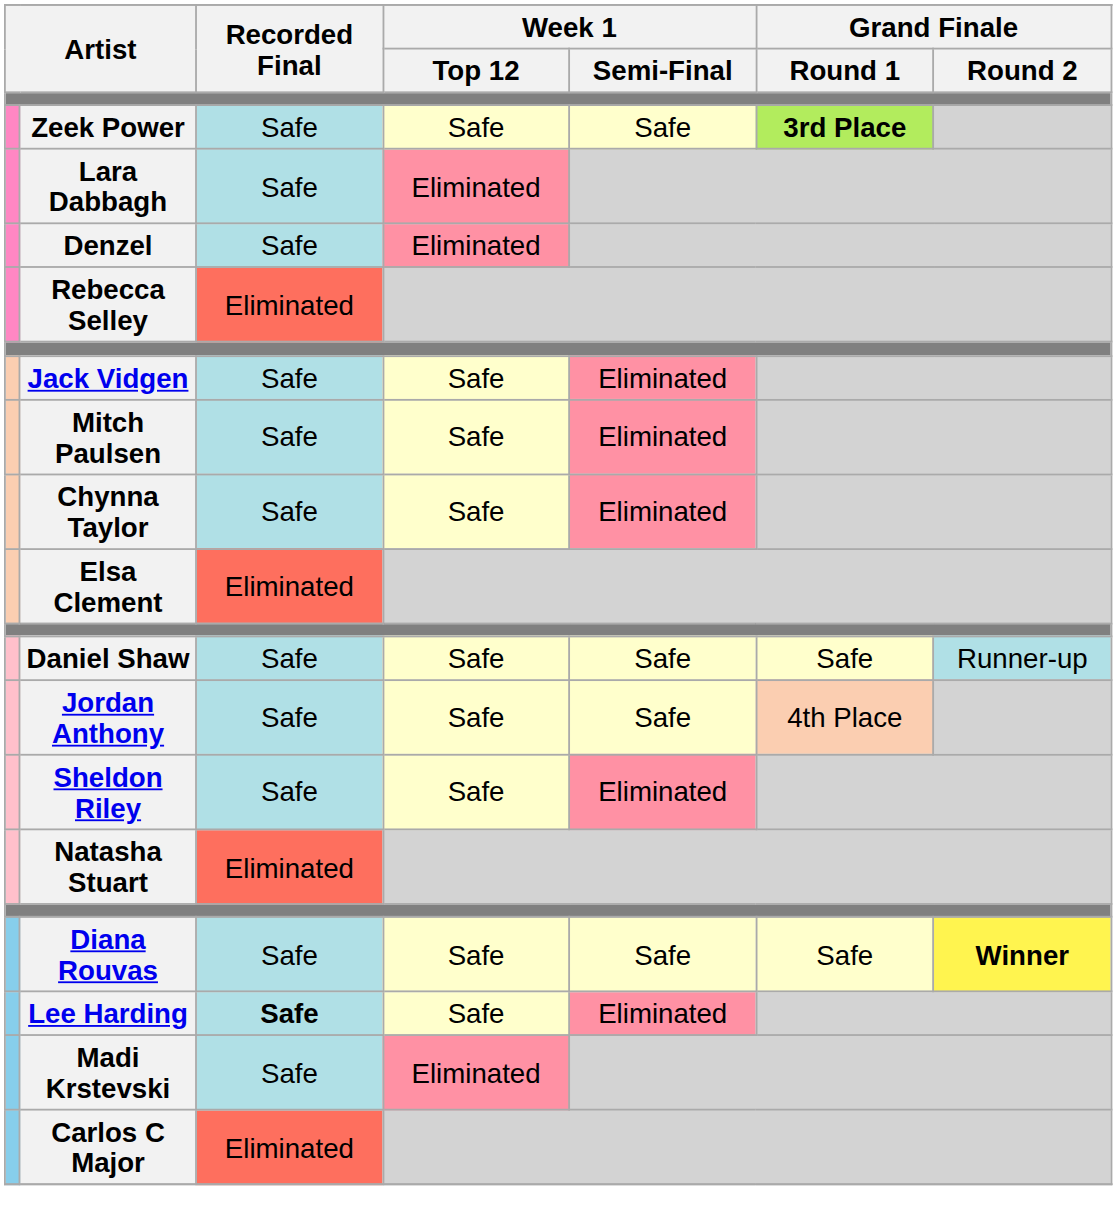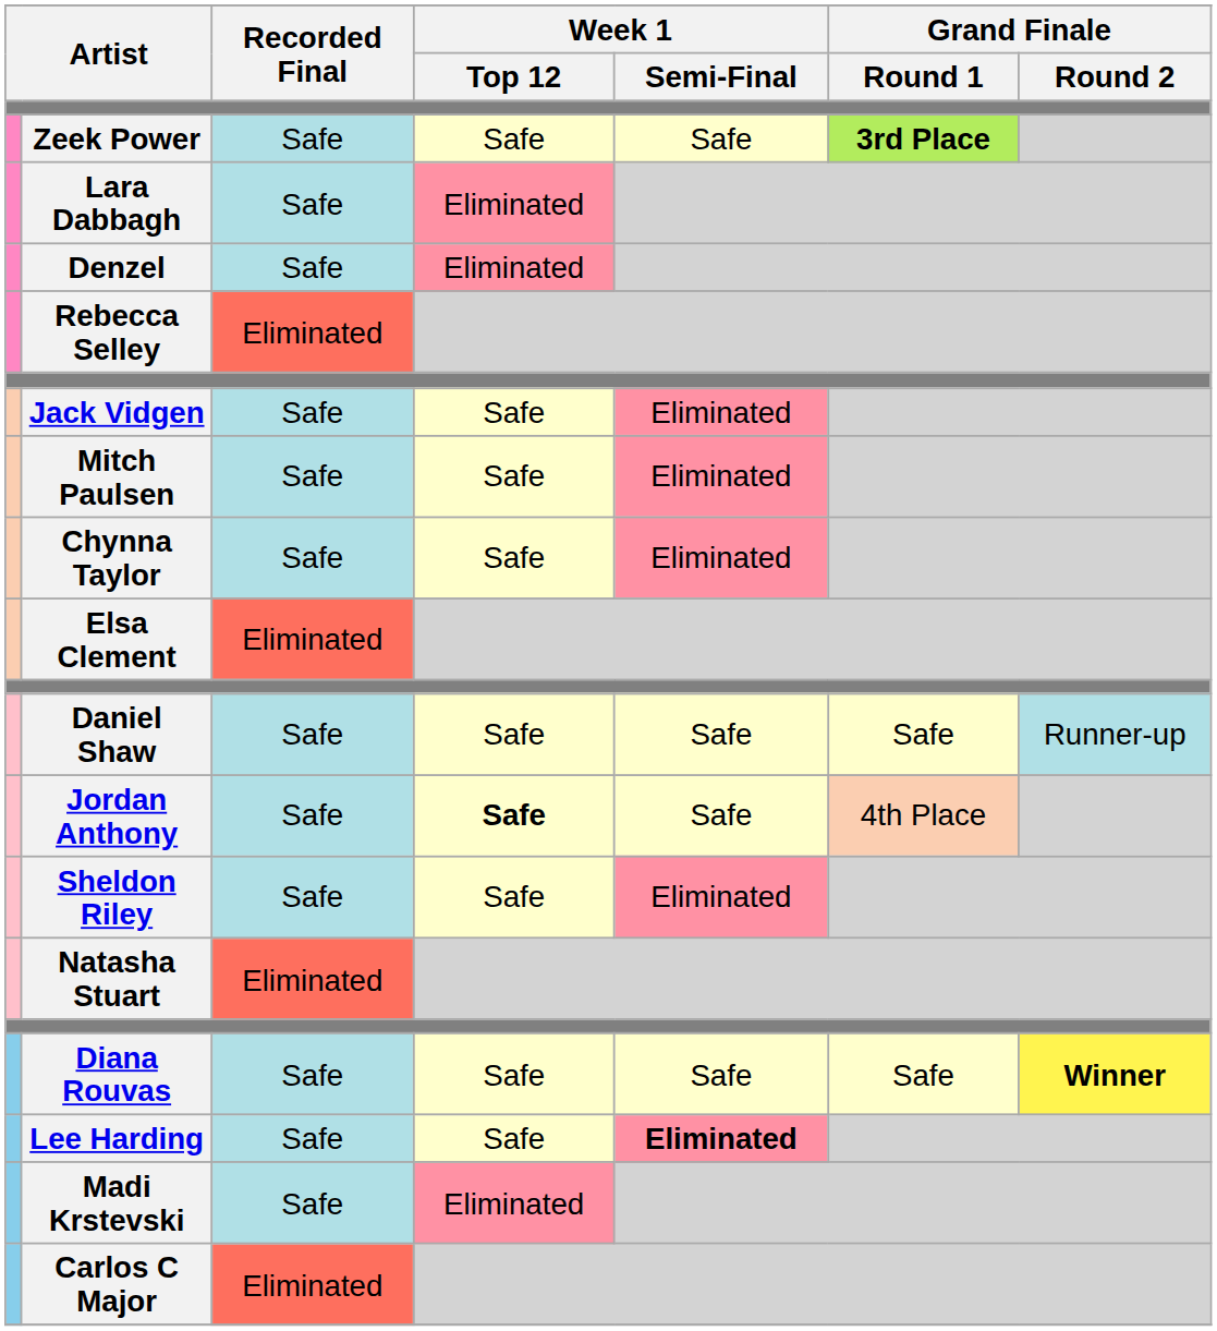 <table class="wikitable"  style="text-align:center; font-size:95%; width:auto;">
 <tr>
 </tr>
 <tr>
 <th style="width:11%;" colspan="2" rowspan="2">Artist</th>
 <th rowspan="2" style="width:12%;">Recorded Final</th>
 <th Colspan="2" style="width:12%;">Week 1</th>
 <th Colspan="2" style="width:12%;">Grand Finale</th>
 </tr>
 <tr>
 <th style="width:12%;">Top 12</th>
 <th style="width:12%;">Semi-Final</th>
 <th style="width:12%;">Round 1</th>
 <th style="width:12%;">Round 2</th>
 </tr>
 <tr>
 <th colspan="11" style="background:gray;"></th>
 </tr>
 <tr>
 <th style="background: #FF87C3"></th>
 <th>Zeek Power</th>
 <td style="background:#B0E0E6;">Safe</td>
 <td style="background:#FFFFCC;">Safe</td>
 <td style="background:#FFFFCC;">Safe</td>
 <td style="background:#B2EC5D;"><strong>3rd Place</strong></td>
 <td style="background:lightgrey;"></td>
 </tr>
 <tr>
 <th style="background: #FF87C3"></th>
 <th>Lara Dabbagh</th>
 <td style="background:#B0E0E6;">Safe</td>
 <td style="background:#FF91A4">Eliminated</td>
 <td colspan="5" style="background:lightgrey"></td>
 </tr>
 <tr>
 <th style="background: #FF87C3"></th>
 <th>Denzel</th>
 <td style="background:#B0E0E6;">Safe</td>
 <td style="background:#FF91A4">Eliminated</td>
 <td colspan="5" style="background:lightgrey"></td>
 </tr>
 <tr>
 <th style="background: #FF87C3"></th>
 <th>Rebecca Selley</th>
 <td style="background:#FE6F5E">Eliminated</td>
 <td colspan="5" style="background:lightgrey"></td>
 </tr>
 <tr>
 <th colspan="11" style="background:gray;"></th>
 </tr>
 <tr>
 <th style="background:#FBCEB1;"></th>
 <th><a href='#'>Jack Vidgen</a></th>
 <td style="background:#B0E0E6;">Safe</td>
 <td style="background:#FFFFCC;">Safe</td>
 <td style="background:#FF91A4">Eliminated</td>
 <td colspan="2" style="background:lightgrey;"></td>
 </tr>
 <tr>
 <th style="background:#FBCEB1;"></th>
 <th>Mitch Paulsen</th>
 <td style="background:#B0E0E6;">Safe</td>
 <td style="background:#FFFFCC;">Safe</td>
 <td style="background:#FF91A4">Eliminated</td>
 <td colspan="2" style="background:lightgrey;"></td>
 </tr>
 <tr>
 <th style="background:#FBCEB1;"></th>
 <th>Chynna Taylor</th>
 <td style="background:#B0E0E6;">Safe</td>
 <td style="background:#FFFFCC;">Safe</td>
 <td style="background:#FF91A4">Eliminated</td>
 <td colspan="2" style="background:lightgrey;"></td>
 </tr>
 <tr>
 <th style="background: #FBCEB1;"></th>
 <th>Elsa Clement</th>
 <td style="background:#FE6F5E">Eliminated</td>
 <td colspan="5" style="background:lightgrey"></td>
 </tr>
 <tr>
 <th colspan="11" style="background:gray;"></th>
 </tr>
 <tr>
 <th style="background: pink;"></th>
 <th>Daniel Shaw</th>
 <td style="background:#B0E0E6;">Safe</td>
 <td style="background:#FFFFCC;">Safe</td>
 <td style="background:#FFFFCC;">Safe</td>
 <td style="background:#FFFFCC;">Safe</td>
 <td style="background:#B0E0E6;">Runner-up</td>
 </tr>
 <tr>
 <th style="background: pink;"></th>
 <th><a href='#'>Jordan Anthony</a></th>
 <td style="background:#B0E0E6;">Safe</td>
-<td style="background:#FFFFCC;">Safe</td>
+<td style="background:#FFFFCC;"><strong>Safe</strong></td>
 <td style="background:#FFFFCC;">Safe</td>
 <td style="background:#FBCEB1;">4th Place</td>
 <td style="background:lightgrey;"></td>
 </tr>
 <tr>
 <th style="background: pink;"></th>
 <th><a href='#'>Sheldon Riley</a></th>
 <td style="background:#B0E0E6;">Safe</td>
 <td style="background:#FFFFCC;">Safe</td>
 <td style="background:#FF91A4">Eliminated</td>
 <td colspan="2" style="background:lightgrey;"></td>
 </tr>
 <tr>
 <th style="background: pink;"></th>
 <th>Natasha Stuart</th>
 <td style="background:#FE6F5E">Eliminated</td>
 <td colspan="5" style="background:lightgrey"></td>
 </tr>
 <tr>
 <th colspan="11" style="background:gray;"></th>
 </tr>
 <tr>
 <th style="background:#87ceeb;"></th>
 <th><a href='#'>Diana Rouvas</a></th>
 <td style="background:#B0E0E6;">Safe</td>
 <td style="background:#FFFFCC;">Safe</td>
 <td style="background:#FFFFCC;">Safe</td>
 <td style="background:#FFFFCC;">Safe</td>
 <td style="background:#FFF44F;"><strong>Winner</strong></td>
 </tr>
 <tr>
 <th style="background:#87ceeb;"></th>
 <th><a href='#'>Lee Harding</a></th>
-<td style="background:#B0E0E6;"><strong>Safe</strong></td>
+<td style="background:#B0E0E6;">Safe</td>
 <td style="background:#FFFFCC;">Safe</td>
-<td style="background:#FF91A4">Eliminated</td>
+<td style="background:#FF91A4"><strong>Eliminated</strong></td>
 <td colspan="2" style="background:lightgrey;"></td>
 </tr>
 <tr>
 <th style="background:#87ceeb;"></th>
 <th>Madi Krstevski</th>
 <td style="background:#B0E0E6;">Safe</td>
 <td style="background:#FF91A4">Eliminated</td>
 <td colspan="5" style="background:lightgrey"></td>
 </tr>
 <tr>
 <th style="background: #87ceeb;"></th>
 <th>Carlos C Major</th>
 <td style="background:#FE6F5E">Eliminated</td>
 <td colspan="5" style="background:lightgrey"></td>
 </tr>
 <tr>
 </tr>
 </table>
